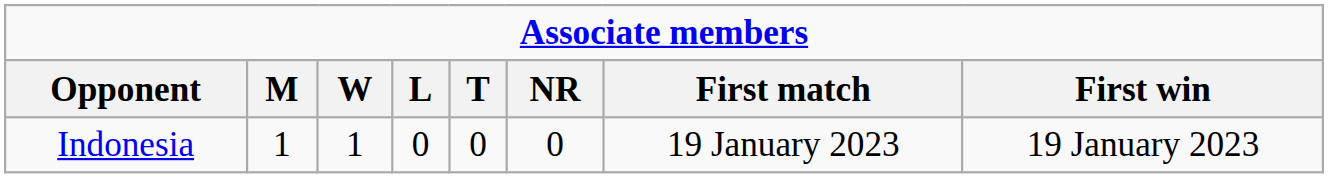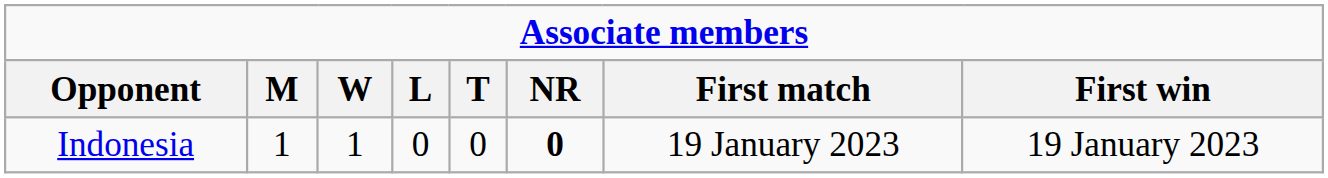 <table class="wikitable" style="text-align: center; width: 600px">
 <tr>
 <td colspan="30" style="text-align: center;"><strong><a href='#'>Associate members</a></strong></td>
 </tr>
 <tr>
 <th>Opponent</th>
 <th>M</th>
 <th>W</th>
 <th>L</th>
 <th>T</th>
 <th>NR</th>
 <th>First match</th>
 <th>First win</th>
 </tr>
 <tr>
 <td> <a href='#'>Indonesia</a></td>
 <td>1</td>
 <td>1</td>
 <td>0</td>
 <td>0</td>
-<td>0</td>
+<td><strong>0</strong></td>
 <td>19 January 2023</td>
 <td>19 January 2023</td>
 </tr>
 </table>
